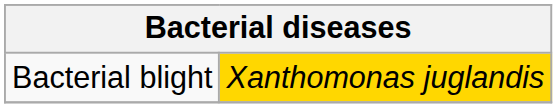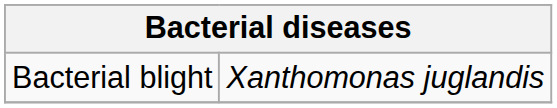 <table class="wikitable" style="clear:left">
 <tr>
 <th colspan=2><strong>Bacterial diseases</strong><br></th>
 </tr>
 <tr>
 <td>Bacterial blight</td>
-<td style="background: gold;"><em>Xanthomonas juglandis</em></td>
+<td><em>Xanthomonas juglandis</em></td>
 </tr>
 <tr>
 </tr>
 </table>
